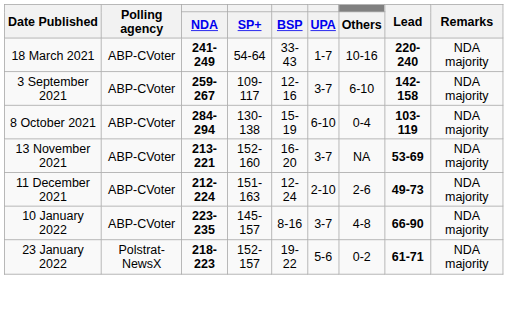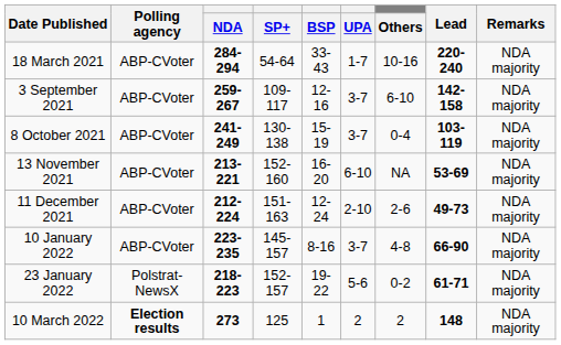 <table class="wikitable sortable" style="text-align:center; font-size:95%">
 <tr>
 <th rowspan="2">Date Published</th>
 <th rowspan="2">Polling agency</th>
 <th style="background:"></th>
 <th style="background:"></th>
 <th style="text-align:center; background:"></th>
 <th style="text-align:center; background:"></th>
 <th style="background:gray;"></th>
 <th rowspan="2">Lead</th>
 <th rowspan="2">Remarks</th>
 </tr>
 <tr>
 <th><a href='#'>NDA</a></th>
 <th><a href='#'>SP+</a></th>
 <th><a href='#'>BSP</a></th>
 <th><a href='#'>UPA</a></th>
 <th>Others</th>
 </tr>
 <tr>
 <td>18 March 2021</td>
 <td>ABP-CVoter</td>
-<td><strong>241-249</strong></td>
+<td><strong>284-294</strong></td>
 <td>54-64</td>
 <td>33-43</td>
 <td>1-7</td>
 <td>10-16</td>
 <td><strong>220-240</strong></td>
 <td>NDA majority</td>
 </tr>
 <tr>
 <td>3 September 2021</td>
 <td>ABP-CVoter</td>
 <td><strong>259-267</strong></td>
 <td>109-117</td>
 <td>12-16</td>
 <td>3-7</td>
 <td>6-10</td>
 <td><strong>142-158</strong></td>
 <td>NDA majority</td>
 </tr>
 <tr>
 <td>8 October 2021</td>
 <td>ABP-CVoter</td>
-<td><strong>284-294</strong></td>
+<td><strong>241-249</strong></td>
 <td>130-138</td>
 <td>15-19</td>
-<td>6-10</td>
+<td>3-7</td>
 <td>0-4</td>
 <td><strong>103-119</strong></td>
 <td>NDA majority</td>
 </tr>
 <tr>
 <td>13 November 2021</td>
 <td>ABP-CVoter</td>
 <td><strong>213-221</strong></td>
 <td>152-160</td>
 <td>16-20</td>
-<td>3-7</td>
+<td>6-10</td>
 <td>NA</td>
 <td><strong>53-69</strong></td>
 <td>NDA majority</td>
 </tr>
 <tr>
 <td>11 December 2021</td>
 <td>ABP-CVoter</td>
 <td><strong>212-224</strong></td>
 <td>151-163</td>
 <td>12-24</td>
 <td>2-10</td>
 <td>2-6</td>
 <td><strong>49-73</strong></td>
 <td>NDA majority</td>
 </tr>
 <tr>
 <td>10 January 2022</td>
 <td>ABP-CVoter</td>
 <td><strong>223-235</strong></td>
 <td>145-157</td>
 <td>8-16</td>
 <td>3-7</td>
 <td>4-8</td>
 <td><strong>66-90</strong></td>
 <td>NDA majority</td>
 </tr>
 <tr>
 <td>23 January 2022</td>
 <td>Polstrat-NewsX</td>
 <td><strong>218-223</strong></td>
 <td>152-157</td>
 <td>19-22</td>
 <td>5-6</td>
 <td>0-2</td>
 <td><strong>61-71</strong></td>
 <td>NDA majority</td>
 </tr>
+<tr>
+<td style="background:">10 March 2022</td>
+<td style="background:"><strong>Election results</strong></td>
+<td><strong>273</strong></td>
+<td style="background:">125</td>
+<td style="background:">1</td>
+<td style="background:">2</td>
+<td style="background:">2</td>
+<td><strong>148</strong></td>
+<td style="background:">NDA majority</td>
+</tr>
 </table>
